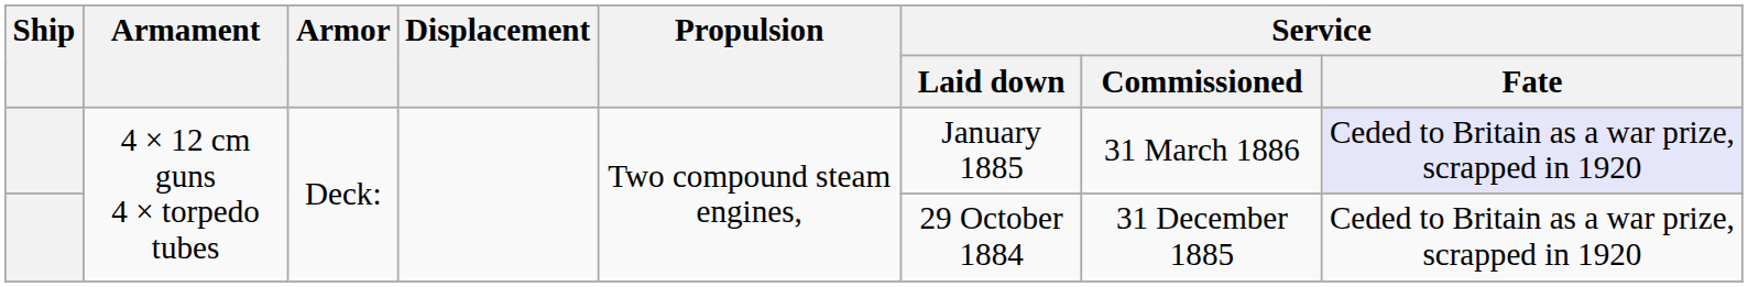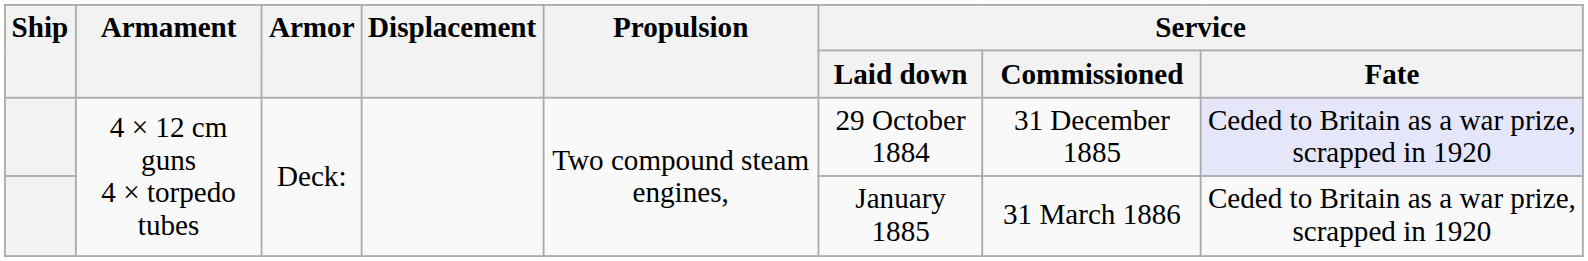 <table class="wikitable plainrowheaders" style="text-align: center;">
 <tr valign="top">
 <th scope="col" rowspan="2">Ship</th>
 <th scope="col" rowspan="2">Armament</th>
 <th scope="col" rowspan="2">Armor</th>
 <th scope="col" rowspan="2">Displacement</th>
 <th scope="col" rowspan="2">Propulsion</th>
 <th scope="col" colspan="3">Service</th>
 </tr>
 <tr valign="top">
 <th scope="col">Laid down</th>
 <th scope="col">Commissioned</th>
 <th scope="col">Fate</th>
 </tr>
 <tr valign="center">
 <th scope="row"></th>
 <td rowspan="2">4 × 12 cm guns<br>4 ×  torpedo tubes</td>
 <td rowspan="2">Deck: </td>
 <td rowspan="2"></td>
 <td rowspan="2">Two compound steam engines, </td>
-<td>January 1885</td>
-<td>31 March 1886</td>
+<td>29 October 1884</td>
+<td>31 December 1885</td>
 <td style="background: lavender;">Ceded to Britain as a war prize, scrapped in 1920</td>
 </tr>
 <tr valign="center">
 <th scope="row"></th>
-<td>29 October 1884</td>
-<td>31 December 1885</td>
+<td>January 1885</td>
+<td>31 March 1886</td>
 <td>Ceded to Britain as a war prize, scrapped in 1920</td>
 </tr>
 </table>
